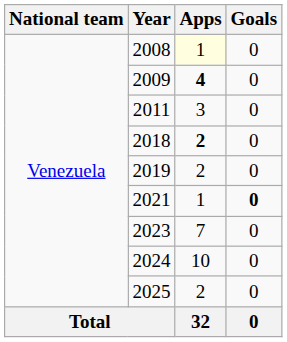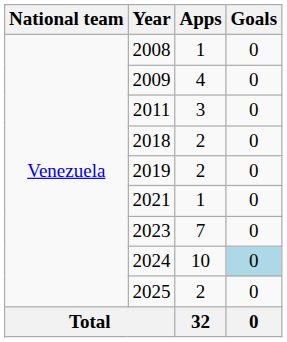 <table class="wikitable" style="text-align: center;">
 <tr>
 <th>National team</th>
 <th>Year</th>
 <th>Apps</th>
 <th>Goals</th>
 </tr>
 <tr>
 <td rowspan="9"><a href='#'>Venezuela</a></td>
 <td>2008</td>
-<td style="background: lightyellow;">1</td>
+<td>1</td>
 <td>0</td>
 </tr>
 <tr>
 <td>2009</td>
-<td><strong>4</strong></td>
+<td>4</td>
 <td>0</td>
 </tr>
 <tr>
 <td>2011</td>
 <td>3</td>
 <td>0</td>
 </tr>
 <tr>
 <td>2018</td>
-<td><strong>2</strong></td>
+<td>2</td>
 <td>0</td>
 </tr>
 <tr>
 <td>2019</td>
 <td>2</td>
 <td>0</td>
 </tr>
 <tr>
 <td>2021</td>
 <td>1</td>
-<td><strong>0</strong></td>
+<td>0</td>
 </tr>
 <tr>
 <td>2023</td>
 <td>7</td>
 <td>0</td>
 </tr>
 <tr>
 <td>2024</td>
 <td>10</td>
-<td>0</td>
+<td style="background: lightblue;">0</td>
 </tr>
 <tr>
 <td>2025</td>
 <td>2</td>
 <td>0</td>
 </tr>
 <tr>
 <th colspan="2">Total</th>
 <th>32</th>
 <th>0</th>
 </tr>
 </table>
